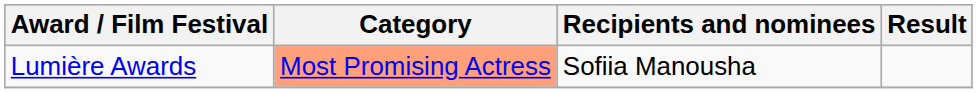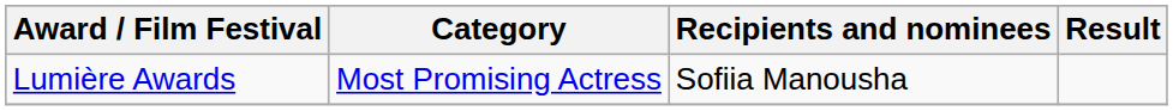 <table class="wikitable plainrowheaders sortable">
 <tr style="background:#ccc; text-align:center;">
 <th scope="col">Award / Film Festival</th>
 <th scope="col">Category</th>
 <th scope="col">Recipients and nominees</th>
 <th scope="col">Result</th>
 </tr>
 <tr>
 <td><a href='#'>Lumière Awards</a></td>
-<td style="background: lightsalmon;"><a href='#'>Most Promising Actress</a></td>
+<td><a href='#'>Most Promising Actress</a></td>
 <td>Sofiia Manousha</td>
 <td></td>
 </tr>
 <tr>
 </tr>
 </table>
